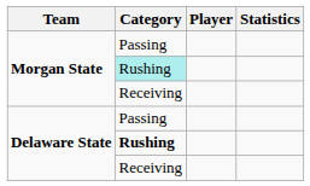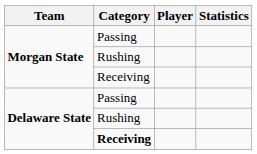 <table class="wikitable" style="float: right;">
 <tr>
 <th>Team</th>
 <th>Category</th>
 <th>Player</th>
 <th>Statistics</th>
 </tr>
 <tr>
 <td rowspan=3><strong>Morgan State</strong></td>
 <td>Passing</td>
 <td></td>
 <td></td>
 </tr>
 <tr>
-<td style="background: paleturquoise;">Rushing</td>
+<td>Rushing</td>
 <td></td>
 <td></td>
 </tr>
 <tr>
 <td>Receiving</td>
 <td></td>
 <td></td>
 </tr>
 <tr>
 <td rowspan=3><strong>Delaware State</strong></td>
 <td>Passing</td>
 <td></td>
 <td></td>
 </tr>
 <tr>
-<td><strong>Rushing</strong></td>
+<td>Rushing</td>
 <td></td>
 <td></td>
 </tr>
 <tr>
-<td>Receiving</td>
+<td><strong>Receiving</strong></td>
 <td></td>
 <td></td>
 </tr>
 </table>
